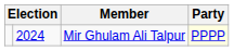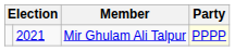 <table class="wikitable">
 <tr>
 <th colspan="2">Election</th>
 <th>Member</th>
 <th>Party</th>
 </tr>
 <tr>
 <td style="background-color: "></td>
-<td><a href='#'>2024</a></td>
+<td><a href='#'>2021</a></td>
 <td><a href='#'>Mir Ghulam Ali Talpur</a></td>
 <td style="background: lightyellow;"><a href='#'>PPPP</a></td>
 </tr>
 </table>
